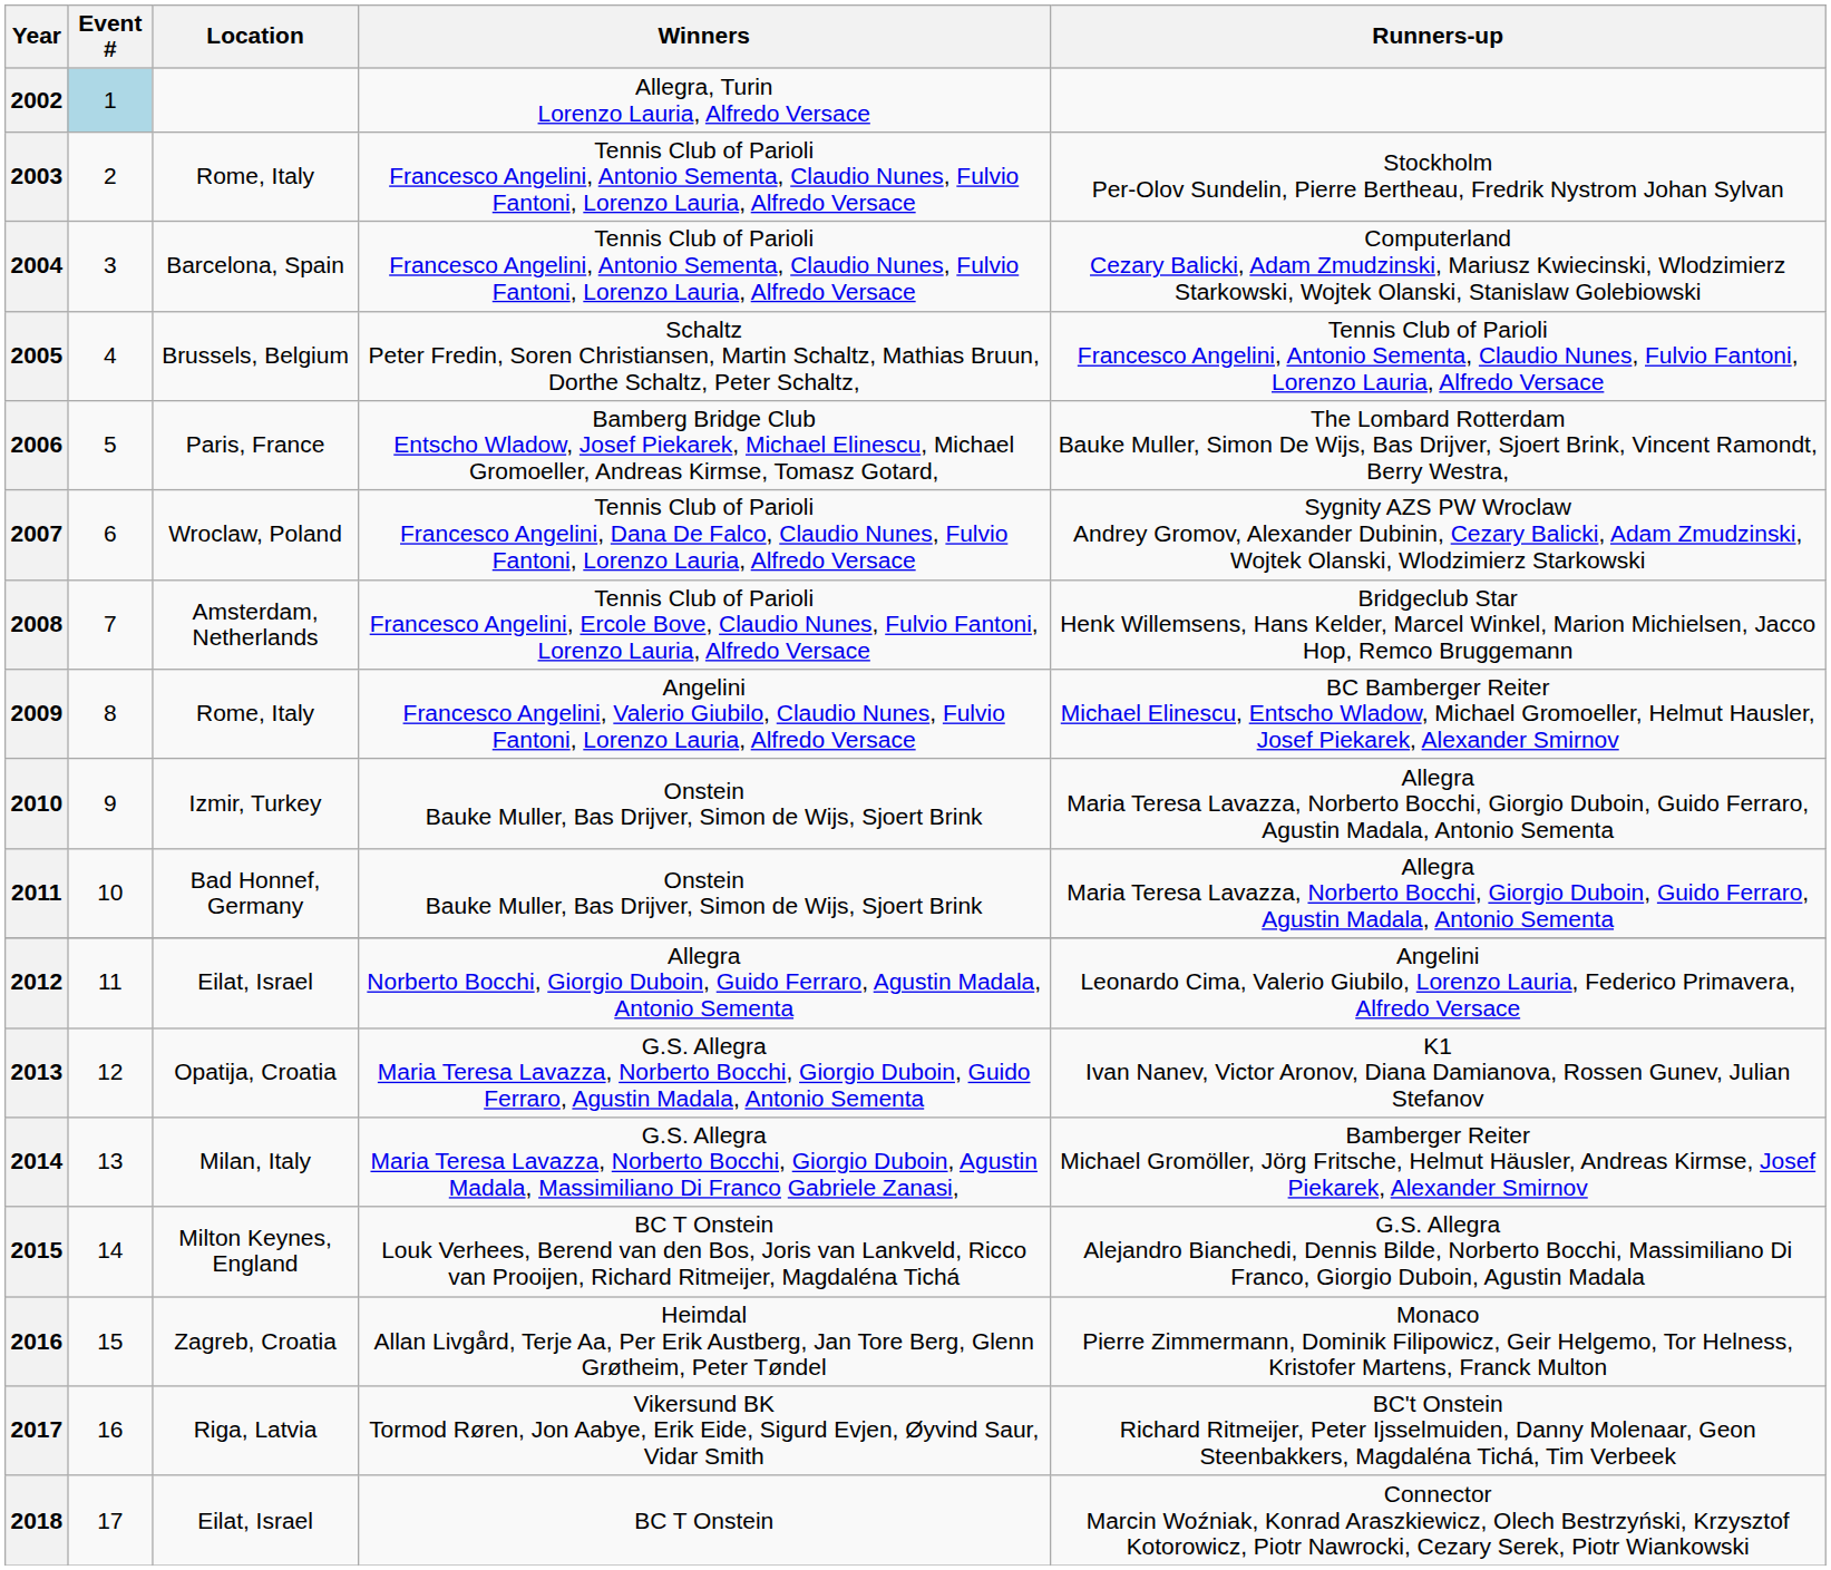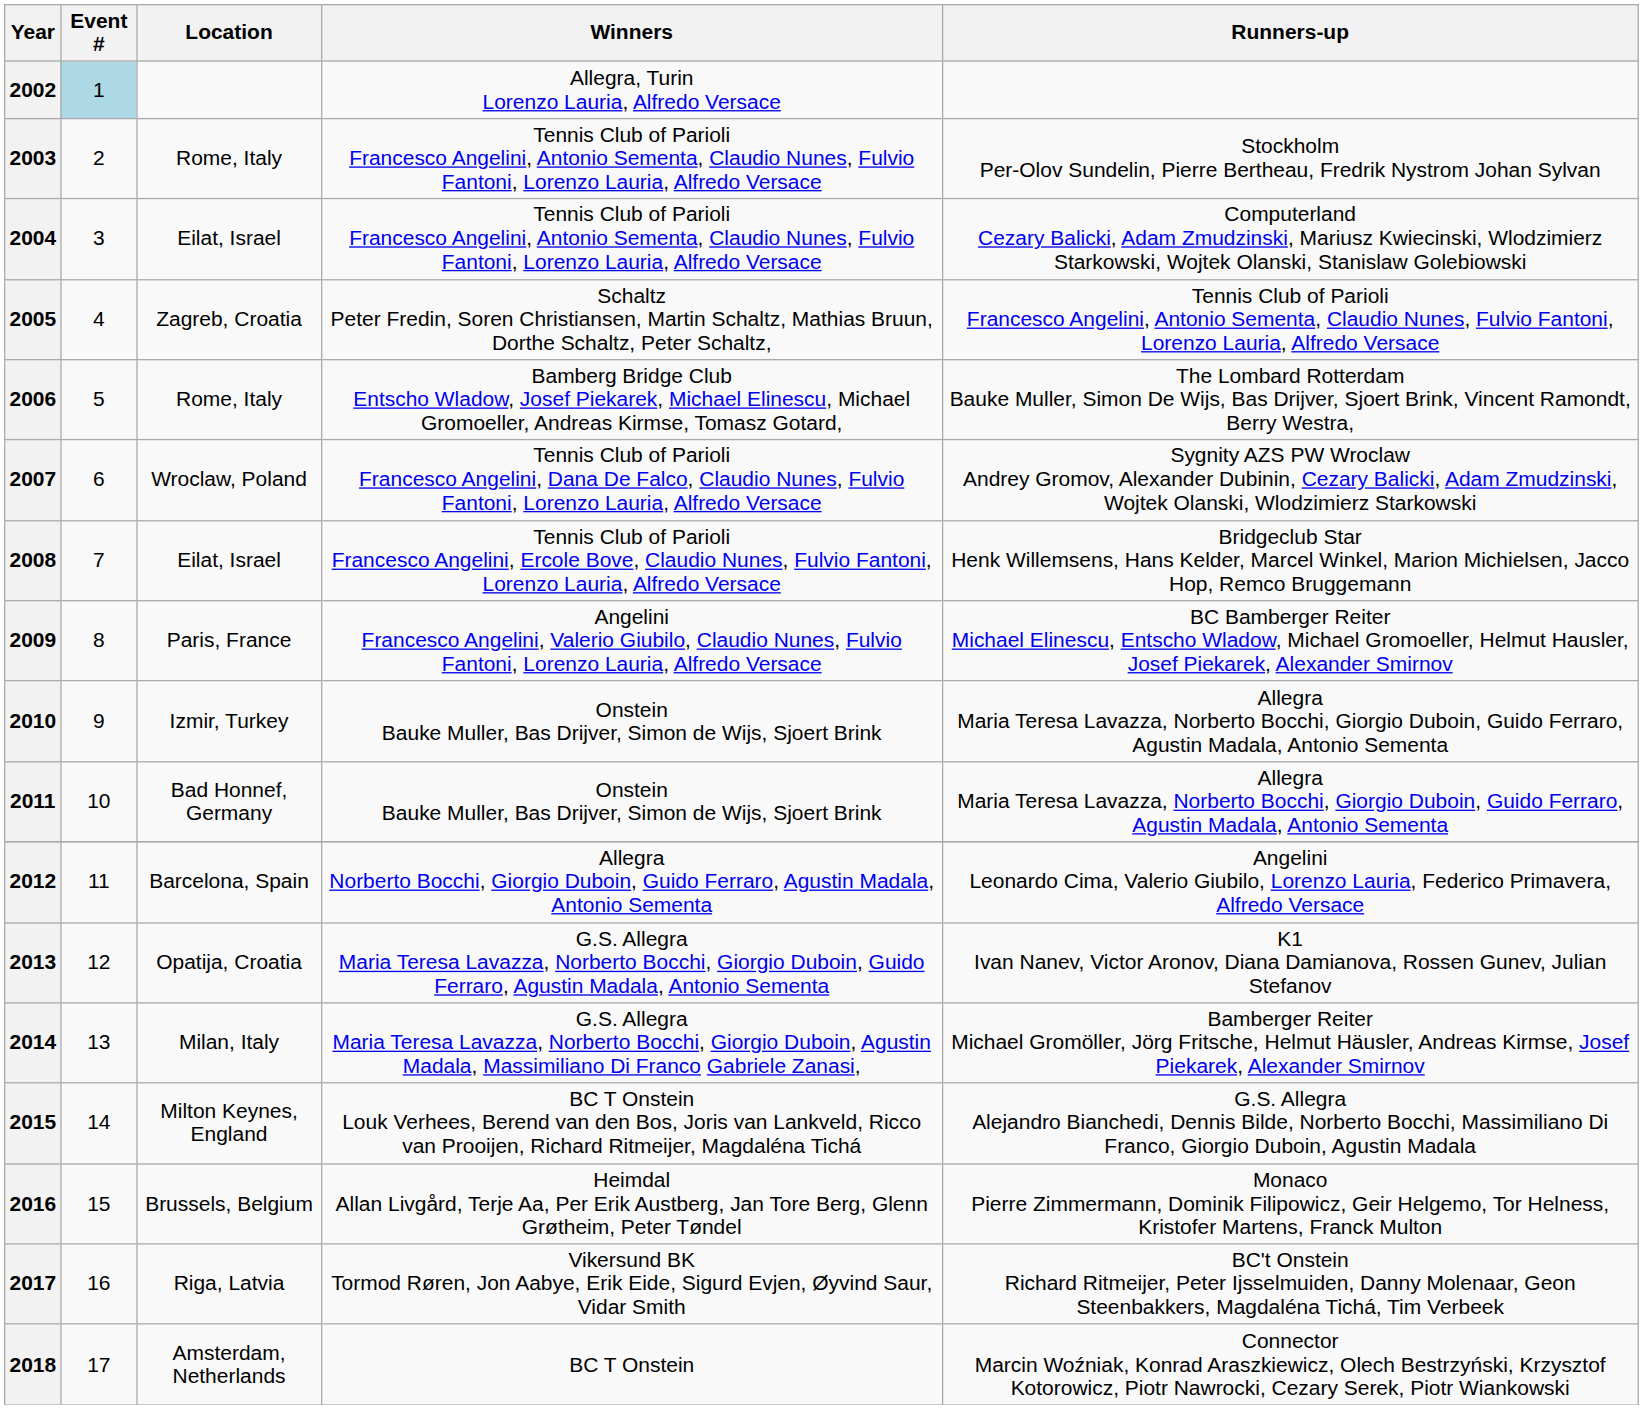 <table class="wikitable" style="text-align:center">
 <tr>
 <th>Year</th>
 <th>Event #</th>
 <th>Location</th>
 <th>Winners</th>
 <th>Runners-up</th>
 </tr>
 <tr>
 <th>2002<br></th>
 <td style="background: lightblue;">1</td>
 <td></td>
 <td> Allegra, Turin<br><a href='#'>Lorenzo Lauria</a>, <a href='#'>Alfredo Versace</a></td>
 <td></td>
 </tr>
 <tr>
 <th>2003<br></th>
 <td>2</td>
 <td>Rome, Italy</td>
 <td> Tennis Club of Parioli<br><a href='#'>Francesco Angelini</a>, <a href='#'>Antonio Sementa</a>, <a href='#'>Claudio Nunes</a>, <a href='#'>Fulvio Fantoni</a>, <a href='#'>Lorenzo Lauria</a>, <a href='#'>Alfredo Versace</a></td>
 <td>Stockholm<br>Per-Olov Sundelin,  Pierre Bertheau,  Fredrik Nystrom Johan Sylvan</td>
 </tr>
 <tr>
 <th>2004<br></th>
 <td>3</td>
-<td>Barcelona, Spain</td>
+<td>Eilat, Israel</td>
 <td>Tennis Club of Parioli<br><a href='#'>Francesco Angelini</a>, <a href='#'>Antonio Sementa</a>, <a href='#'>Claudio Nunes</a>, <a href='#'>Fulvio Fantoni</a>, <a href='#'>Lorenzo Lauria</a>, <a href='#'>Alfredo Versace</a></td>
 <td>Computerland<br><a href='#'>Cezary Balicki</a>, <a href='#'>Adam Zmudzinski</a>, Mariusz Kwiecinski, Wlodzimierz Starkowski, Wojtek Olanski, Stanislaw Golebiowski</td>
 </tr>
 <tr>
 <th>2005<br></th>
 <td>4</td>
-<td>Brussels, Belgium</td>
+<td>Zagreb, Croatia</td>
 <td>Schaltz<br>Peter Fredin, Soren Christiansen, Martin Schaltz, Mathias Bruun, Dorthe Schaltz, Peter Schaltz,</td>
 <td>Tennis Club of Parioli<br><a href='#'>Francesco Angelini</a>, <a href='#'>Antonio Sementa</a>, <a href='#'>Claudio Nunes</a>, <a href='#'>Fulvio Fantoni</a>, <a href='#'>Lorenzo Lauria</a>, <a href='#'>Alfredo Versace</a></td>
 </tr>
 <tr>
 <th>2006<br></th>
 <td>5</td>
-<td>Paris, France</td>
+<td>Rome, Italy</td>
 <td>Bamberg Bridge Club<br><a href='#'>Entscho Wladow</a>, <a href='#'>Josef Piekarek</a>, <a href='#'>Michael Elinescu</a>, Michael Gromoeller, Andreas Kirmse, Tomasz Gotard,</td>
 <td>The Lombard Rotterdam<br>Bauke Muller, Simon De Wijs, Bas Drijver, Sjoert Brink, Vincent Ramondt, Berry Westra,</td>
 </tr>
 <tr>
 <th>2007<br></th>
 <td>6</td>
 <td>Wroclaw, Poland</td>
 <td>Tennis Club of Parioli<br><a href='#'>Francesco Angelini</a>, <a href='#'>Dana De Falco</a>, <a href='#'>Claudio Nunes</a>, <a href='#'>Fulvio Fantoni</a>, <a href='#'>Lorenzo Lauria</a>, <a href='#'>Alfredo Versace</a></td>
 <td>Sygnity AZS PW Wroclaw<br>Andrey Gromov, Alexander Dubinin, <a href='#'>Cezary Balicki</a>, <a href='#'>Adam Zmudzinski</a>, Wojtek Olanski, Wlodzimierz Starkowski</td>
 </tr>
 <tr>
 <th>2008<br></th>
 <td>7</td>
-<td>Amsterdam, Netherlands</td>
+<td>Eilat, Israel</td>
 <td>Tennis Club of Parioli<br><a href='#'>Francesco Angelini</a>, <a href='#'>Ercole Bove</a>, <a href='#'>Claudio Nunes</a>, <a href='#'>Fulvio Fantoni</a>, <a href='#'>Lorenzo Lauria</a>, <a href='#'>Alfredo Versace</a></td>
 <td>Bridgeclub Star<br>Henk Willemsens, Hans Kelder, Marcel Winkel, Marion Michielsen, Jacco Hop, Remco Bruggemann</td>
 </tr>
 <tr>
 <th>2009<br></th>
 <td>8</td>
-<td>Rome, Italy</td>
+<td>Paris, France</td>
 <td>Angelini<br><a href='#'>Francesco Angelini</a>, <a href='#'>Valerio Giubilo</a>, <a href='#'>Claudio Nunes</a>, <a href='#'>Fulvio Fantoni</a>, <a href='#'>Lorenzo Lauria</a>, <a href='#'>Alfredo Versace</a></td>
 <td>BC Bamberger Reiter<br><a href='#'>Michael Elinescu</a>, <a href='#'>Entscho Wladow</a>, Michael Gromoeller,  Helmut Hausler, <a href='#'>Josef Piekarek</a>, <a href='#'>Alexander Smirnov</a></td>
 </tr>
 <tr>
 <th>2010<br></th>
 <td>9</td>
 <td>Izmir, Turkey</td>
 <td>Onstein<br>Bauke Muller, Bas Drijver, Simon de Wijs, Sjoert Brink</td>
 <td>Allegra<br>Maria Teresa Lavazza,  Norberto Bocchi,  Giorgio Duboin, Guido Ferraro,  Agustin Madala,  Antonio Sementa</td>
 </tr>
 <tr>
 <th>2011<br></th>
 <td>10</td>
 <td>Bad Honnef, Germany</td>
 <td>Onstein<br>Bauke Muller, Bas Drijver, Simon de Wijs, Sjoert Brink</td>
 <td>Allegra<br>Maria Teresa Lavazza,  <a href='#'>Norberto Bocchi</a>, <a href='#'>Giorgio Duboin</a>, <a href='#'>Guido Ferraro</a>,  <a href='#'>Agustin Madala</a>,  <a href='#'>Antonio Sementa</a></td>
 </tr>
 <tr>
 </tr>
 <tr>
 <th>2012<br></th>
 <td>11</td>
-<td>Eilat, Israel</td>
+<td>Barcelona, Spain</td>
 <td> Allegra<br><a href='#'>Norberto Bocchi</a>, <a href='#'>Giorgio Duboin</a>, <a href='#'>Guido Ferraro</a>,  <a href='#'>Agustin Madala</a>,  <a href='#'>Antonio Sementa</a></td>
 <td> Angelini<br>Leonardo Cima, Valerio Giubilo, <a href='#'>Lorenzo Lauria</a>, Federico Primavera, <a href='#'>Alfredo Versace</a></td>
 </tr>
 <tr>
 <th>2013<br></th>
 <td>12</td>
 <td>Opatija, Croatia</td>
 <td> G.S. Allegra<br><a href='#'>Maria Teresa Lavazza</a>, <a href='#'>Norberto Bocchi</a>, <a href='#'>Giorgio Duboin</a>, <a href='#'>Guido Ferraro</a>,  <a href='#'>Agustin Madala</a>,  <a href='#'>Antonio Sementa</a></td>
 <td> K1<br>Ivan Nanev, Victor Aronov,  Diana Damianova,  Rossen Gunev,  Julian Stefanov</td>
 </tr>
 <tr>
 <th>2014<br></th>
 <td>13</td>
 <td>Milan, Italy</td>
 <td> G.S. Allegra<br><a href='#'>Maria Teresa Lavazza</a>, <a href='#'>Norberto Bocchi</a>, <a href='#'>Giorgio Duboin</a>, <a href='#'>Agustin Madala</a>,  <a href='#'>Massimiliano Di Franco</a> <a href='#'>Gabriele Zanasi</a>,</td>
 <td> Bamberger Reiter<br>Michael Gromöller, Jörg Fritsche,  Helmut Häusler,  Andreas Kirmse,  <a href='#'>Josef Piekarek</a>, <a href='#'>Alexander Smirnov</a></td>
 </tr>
 <tr>
 <th>2015<br></th>
 <td>14</td>
 <td>Milton Keynes, England</td>
 <td>BC T Onstein<br>Louk Verhees, Berend van den Bos,  Joris van Lankveld,  Ricco van Prooijen,  Richard Ritmeijer,  Magdaléna Tichá</td>
 <td> G.S. Allegra<br>Alejandro Bianchedi,  Dennis Bilde, Norberto Bocchi, Massimiliano Di Franco, Giorgio Duboin, Agustin Madala</td>
 </tr>
 <tr>
 <th>2016<br></th>
 <td>15</td>
-<td>Zagreb, Croatia</td>
+<td>Brussels, Belgium</td>
 <td> Heimdal<br>Allan Livgård, Terje Aa, Per Erik Austberg, Jan Tore Berg, Glenn Grøtheim, Peter Tøndel</td>
 <td> Monaco<br>Pierre Zimmermann, Dominik Filipowicz, Geir Helgemo, Tor Helness, Kristofer Martens, Franck Multon</td>
 </tr>
 <tr>
 <th>2017<br></th>
 <td>16</td>
 <td>Riga, Latvia</td>
 <td> Vikersund BK<br>Tormod Røren, Jon Aabye, Erik Eide, Sigurd Evjen, Øyvind Saur, Vidar Smith</td>
 <td>BC't Onstein<br>Richard Ritmeijer,  Peter Ijsselmuiden, Danny Molenaar, Geon Steenbakkers, Magdaléna Tichá, Tim Verbeek</td>
 </tr>
 <tr>
 <th>2018<br></th>
 <td>17</td>
-<td>Eilat, Israel</td>
+<td>Amsterdam, Netherlands</td>
 <td>BC T Onstein</td>
 <td>Connector<br>Marcin Woźniak, Konrad Araszkiewicz, Olech Bestrzyński, Krzysztof Kotorowicz, Piotr Nawrocki, Cezary Serek, Piotr Wiankowski</td>
 </tr>
 </table>
